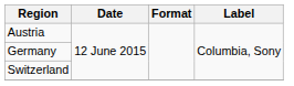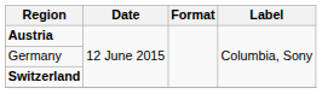 <table class="wikitable">
 <tr>
 <th scope="col">Region</th>
 <th scope="col">Date</th>
 <th scope="col">Format</th>
 <th scope="col">Label</th>
 </tr>
 <tr>
-<td>Austria</td>
+<td><strong>Austria</strong></td>
 <td rowspan="3">12 June 2015</td>
 <td rowspan="3"></td>
 <td rowspan="3">Columbia, Sony</td>
 </tr>
 <tr>
 <td>Germany</td>
 </tr>
 <tr>
-<td>Switzerland</td>
+<td><strong>Switzerland</strong></td>
 </tr>
 <tr>
 </tr>
 </table>
